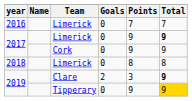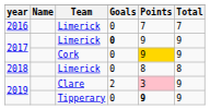 <table class="wikitable sortable">
 <tr>
 </tr>
 <tr>
 <th>year</th>
 <th>Name</th>
 <th>Team</th>
 <th>Goals</th>
 <th>Points</th>
 <th>Total</th>
 </tr>
 <tr>
 <td><a href='#'>2016</a></td>
 <td></td>
 <td><a href='#'>Limerick</a></td>
 <td>0</td>
 <td>7</td>
 <td>7</td>
 </tr>
 <tr>
 <td rowspan=2><a href='#'>2017</a></td>
 <td></td>
 <td><a href='#'>Limerick</a></td>
-<td>0</td>
+<td><strong>0</strong></td>
 <td>9</td>
-<td><strong>9</strong></td>
+<td>9</td>
 </tr>
 <tr>
 <td></td>
 <td><a href='#'>Cork</a></td>
 <td>0</td>
-<td>9</td>
+<td style="background: gold;">9</td>
 <td>9</td>
 </tr>
 <tr>
 <td><a href='#'>2018</a></td>
 <td></td>
 <td><a href='#'>Limerick</a></td>
 <td>0</td>
 <td>8</td>
 <td>8</td>
 </tr>
 <tr>
 <td rowspan=2><a href='#'>2019</a></td>
 <td></td>
 <td><a href='#'>Clare</a></td>
 <td>2</td>
-<td>3</td>
-<td><strong>9</strong></td>
+<td style="background: pink;">3</td>
+<td>9</td>
 </tr>
 <tr>
 <td></td>
 <td><a href='#'>Tipperary</a></td>
 <td>0</td>
+<td><strong>9</strong></td>
 <td>9</td>
-<td style="background: gold;">9</td>
 </tr>
 </table>
